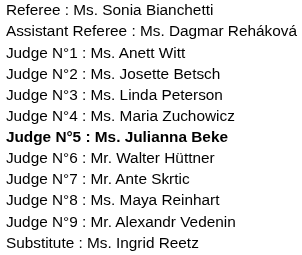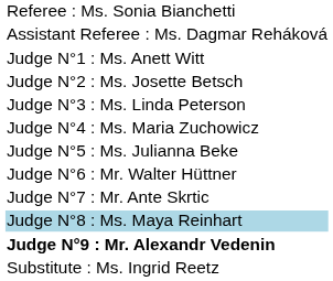 <table>
 <tr>
 <td>Referee : Ms. Sonia Bianchetti</td>
 </tr>
 <tr>
 <td>Assistant Referee : Ms. Dagmar Reháková</td>
 </tr>
 <tr>
 <td>Judge N°1 : Ms. Anett Witt </td>
 </tr>
 <tr>
 <td>Judge N°2 : Ms. Josette Betsch </td>
 </tr>
 <tr>
 <td>Judge N°3 : Ms. Linda Peterson </td>
 </tr>
 <tr>
 <td>Judge N°4 : Ms. Maria Zuchowicz </td>
 </tr>
 <tr>
-<td><strong>Judge N°5 : Ms. Julianna Beke </strong></td>
+<td>Judge N°5 : Ms. Julianna Beke </td>
 </tr>
 <tr>
 <td>Judge N°6 : Mr. Walter Hüttner </td>
 </tr>
 <tr>
 <td>Judge N°7 : Mr. Ante Skrtic </td>
 </tr>
 <tr>
-<td>Judge N°8 : Ms. Maya Reinhart </td>
+<td style="background: lightblue;">Judge N°8 : Ms. Maya Reinhart </td>
 </tr>
 <tr>
-<td>Judge N°9 : Mr. Alexandr Vedenin </td>
+<td><strong>Judge N°9 : Mr. Alexandr Vedenin </strong></td>
 </tr>
 <tr>
 <td>Substitute : Ms. Ingrid Reetz </td>
 </tr>
 </table>
